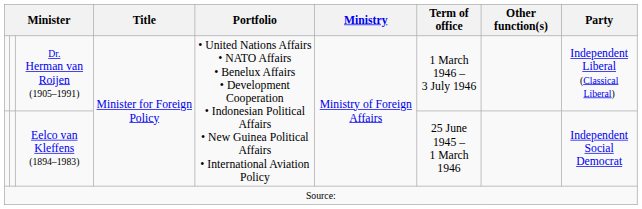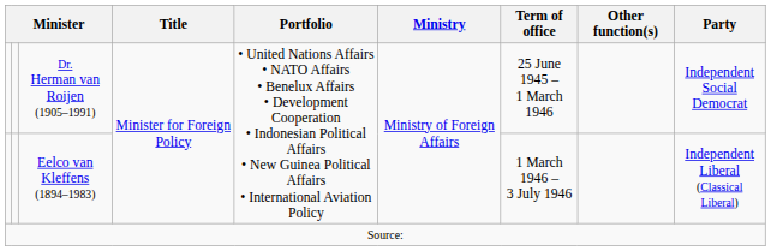 <table class="wikitable" style="text-align:center">
 <tr>
 <th colspan=3>Minister</th>
 <th>Title</th>
 <th>Portfolio</th>
 <th><a href='#'>Ministry</a></th>
 <th>Term of office</th>
 <th>Other function(s)</th>
 <th>Party</th>
 </tr>
 <tr>
 <td style="background:"></td>
 <td></td>
 <td><small><a href='#'>Dr.</a></small> <br> <a href='#'>Herman van Roijen</a> <br> <small>(1905–1991)</small></td>
 <td rowspan=2><a href='#'>Minister for Foreign Policy</a></td>
 <td rowspan=2>• United Nations Affairs <br> • NATO Affairs <br> • Benelux Affairs <br> • Development Cooperation <br> • Indonesian Political Affairs <br> • New Guinea Political Affairs <br> • International Aviation Policy</td>
 <td rowspan=2><a href='#'>Ministry of Foreign Affairs</a></td>
+<td>25 June 1945 – <br> 1 March 1946 <br> </td>
+<td></td>
+<td><a href='#'>Independent <br> Social Democrat</a></td>
+</tr>
+<tr>
+<td style="background:"></td>
+<td></td>
+<td><a href='#'>Eelco van Kleffens</a> <br> <small>(1894–1983)</small></td>
 <td>1 March 1946 – <br> 3 July 1946</td>
 <td></td>
 <td><a href='#'>Independent <br> Liberal</a> <br> <small>(<a href='#'>Classical Liberal</a>)</small></td>
 </tr>
 <tr>
-<td style="background:"></td>
-<td></td>
-<td><a href='#'>Eelco van Kleffens</a> <br> <small>(1894–1983)</small></td>
-<td>25 June 1945 – <br> 1 March 1946 <br> </td>
-<td></td>
-<td><a href='#'>Independent <br> Social Democrat</a></td>
-</tr>
-<tr>
 <td colspan=9><small>Source:</small></td>
 </tr>
 </table>
